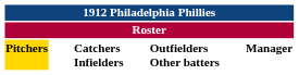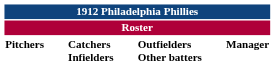 <table class="toccolours" style="font-size: 95%;">
 <tr>
 <th colspan="10" style="background-color: #0f437c; color: white; text-align: center;">1912 Philadelphia Phillies</th>
 </tr>
 <tr>
 <td colspan="10" style="background-color: #af0039; color: white; text-align: center;"><strong>Roster</strong></td>
 </tr>
 <tr>
-<td valign="top" style="background: gold;"><strong>Pitchers</strong><br>              </td>
+<td valign="top"><strong>Pitchers</strong><br>              </td>
 <td width="25px"></td>
 <td valign="top"><strong>Catchers</strong><br>     <strong>Infielders</strong>            </td>
 <td width="25px"></td>
 <td valign="top"><strong>Outfielders</strong><br>      <strong>Other batters</strong> </td>
 <td width="25px"></td>
 <td valign="top"><strong>Manager</strong><br></td>
 </tr>
 </table>
